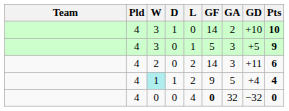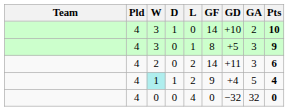 <table class="wikitable" style="text-align: center;">
 <tr>
 <th width=175>Team</th>
 <th width=20>Pld</th>
 <th width=20>W</th>
 <th width=20>D</th>
 <th width=20>L</th>
 <th width=20>GF</th>
+<th width=20>GD</th>
 <th width=20>GA</th>
-<th width=20>GD</th>
 <th width=20>Pts</th>
 </tr>
 <tr bgcolor=ccffcc>
 <td style="text-align:left;"></td>
 <td>4</td>
 <td>3</td>
 <td>1</td>
 <td>0</td>
 <td>14</td>
+<td>+10</td>
 <td>2</td>
-<td>+10</td>
 <td><strong>10</strong></td>
 </tr>
 <tr bgcolor=ccffcc>
 <td style="text-align:left;"></td>
 <td>4</td>
 <td>3</td>
 <td>0</td>
 <td>1</td>
-<td>5</td>
+<td>8</td>
+<td>+5</td>
 <td>3</td>
-<td>+5</td>
 <td><strong>9</strong></td>
 </tr>
 <tr>
 <td style="text-align:left;"></td>
 <td>4</td>
 <td>2</td>
 <td>0</td>
 <td>2</td>
 <td>14</td>
+<td>+11</td>
 <td>3</td>
-<td>+11</td>
 <td><strong>6</strong></td>
 </tr>
 <tr>
 <td style="text-align:left;"></td>
 <td>4</td>
 <td style="background: paleturquoise;">1</td>
 <td>1</td>
 <td>2</td>
 <td>9</td>
+<td>+4</td>
 <td>5</td>
-<td>+4</td>
 <td><strong>4</strong></td>
 </tr>
 <tr>
 <td style="text-align:left;"></td>
 <td>4</td>
 <td>0</td>
 <td>0</td>
 <td>4</td>
-<td><strong>0</strong></td>
+<td>0</td>
+<td>−32</td>
 <td>32</td>
-<td>−32</td>
 <td><strong>0</strong></td>
 </tr>
 </table>
